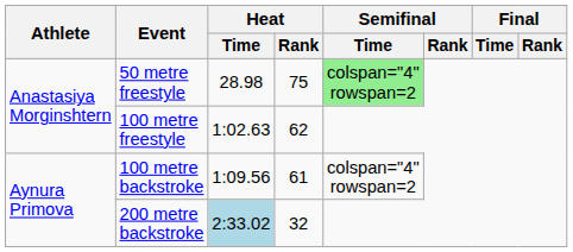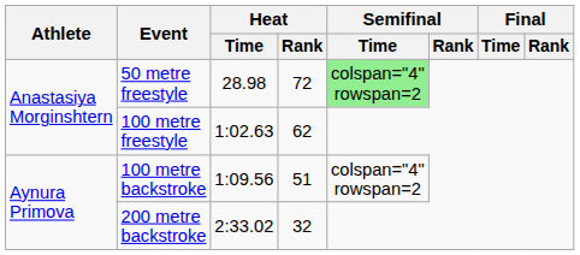 <table class="wikitable" style="text-align:center; font-size:90%; width:50%;">
 <tr>
 <th rowspan="2">Athlete</th>
 <th rowspan="2">Event</th>
 <th colspan="2">Heat</th>
 <th colspan="2">Semifinal</th>
 <th colspan="2">Final</th>
 </tr>
 <tr style="font-size:95%">
 <th>Time</th>
 <th>Rank</th>
 <th>Time</th>
 <th>Rank</th>
 <th>Time</th>
 <th>Rank</th>
 </tr>
 <tr>
 <td align=left rowspan=2><a href='#'>Anastasiya Morginshtern</a></td>
 <td align=left><a href='#'>50 metre freestyle</a></td>
 <td>28.98</td>
-<td>75</td>
+<td>72</td>
 <td style="background: lightgreen;">colspan="4" rowspan=2 </td>
 </tr>
 <tr>
 <td align=left><a href='#'>100 metre freestyle</a></td>
 <td>1:02.63</td>
 <td>62</td>
 </tr>
 <tr>
 <td align=left rowspan=2><a href='#'>Aynura Primova</a></td>
 <td align=left><a href='#'>100 metre backstroke</a></td>
 <td>1:09.56</td>
-<td>61</td>
+<td>51</td>
 <td>colspan="4" rowspan=2</td>
 </tr>
 <tr>
 <td align=left><a href='#'>200 metre backstroke</a></td>
-<td style="background: lightblue;">2:33.02</td>
+<td>2:33.02</td>
 <td>32</td>
 </tr>
 </table>
